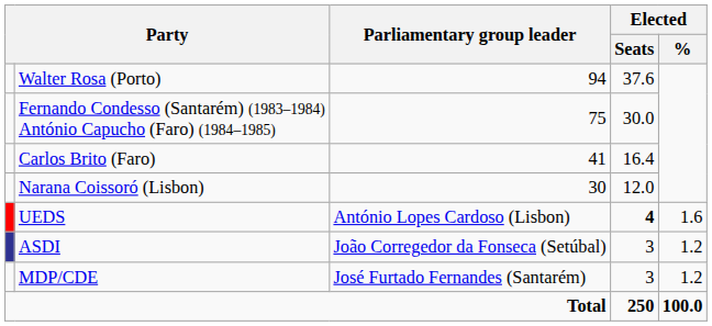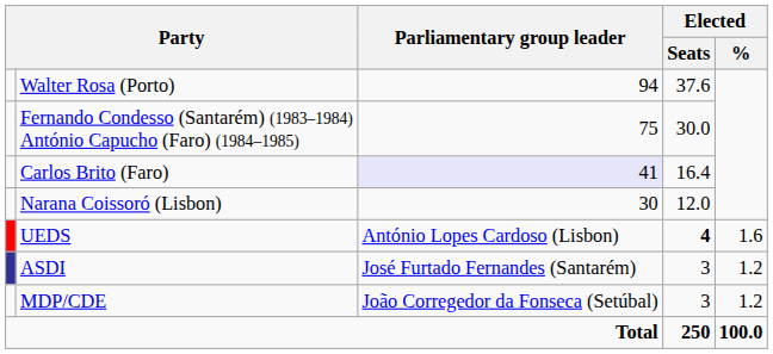 <table class="wikitable" style="text-align:right; font-size:95%;">
 <tr>
 <th colspan="2" rowspan="2">Party</th>
 <th rowspan="2">Parliamentary group leader</th>
 <th colspan="2">Elected</th>
 </tr>
 <tr>
 <th>Seats</th>
 <th>%</th>
 </tr>
 <tr>
 <td></td>
 <td align="left"><a href='#'>Walter Rosa</a> (Porto)</td>
 <td align="right">94</td>
 <td align="right">37.6</td>
 </tr>
 <tr>
 <td></td>
 <td align="left"><a href='#'>Fernando Condesso</a> (Santarém) <small>(1983–1984)</small><br><a href='#'>António Capucho</a> (Faro) <small>(1984–1985)</small></td>
 <td align="right">75</td>
 <td align="right">30.0</td>
 </tr>
 <tr>
 <td></td>
 <td align="left"><a href='#'>Carlos Brito</a> (Faro)</td>
-<td align="right">41</td>
+<td align="right" style="background: lavender;">41</td>
 <td align="right">16.4</td>
 </tr>
 <tr>
 <td></td>
 <td align="left"><a href='#'>Narana Coissoró</a> (Lisbon)</td>
 <td align="right">30</td>
 <td align="right">12.0</td>
 </tr>
 <tr>
 <td style="width:1px; background:red; text-align:center;"></td>
 <td style="text-align:left;"><a href='#'>UEDS</a></td>
 <td align="left"><a href='#'>António Lopes Cardoso</a> (Lisbon)</td>
 <td align="right"><strong>4</strong></td>
 <td align="right">1.6</td>
 </tr>
 <tr>
 <td style="width:1px; background:#2E3191; text-align:center;"></td>
 <td style="text-align:left;"><a href='#'>ASDI</a></td>
-<td align="left"><a href='#'>João Corregedor da Fonseca</a> (Setúbal)</td>
+<td align="left"><a href='#'>José Furtado Fernandes</a> (Santarém)</td>
 <td align="right">3</td>
 <td align="right">1.2</td>
 </tr>
 <tr>
 <td style="width:1px; background:"></td>
 <td style="text-align:left;"><a href='#'>MDP/CDE</a></td>
-<td align="left"><a href='#'>José Furtado Fernandes</a> (Santarém)</td>
+<td align="left"><a href='#'>João Corregedor da Fonseca</a> (Setúbal)</td>
 <td align="right">3</td>
 <td align="right">1.2</td>
 </tr>
 <tr>
 <td colspan="3"> <strong>Total</strong></td>
 <td align="right"><strong>250</strong></td>
 <td align="right"><strong>100.0</strong></td>
 </tr>
 </table>
